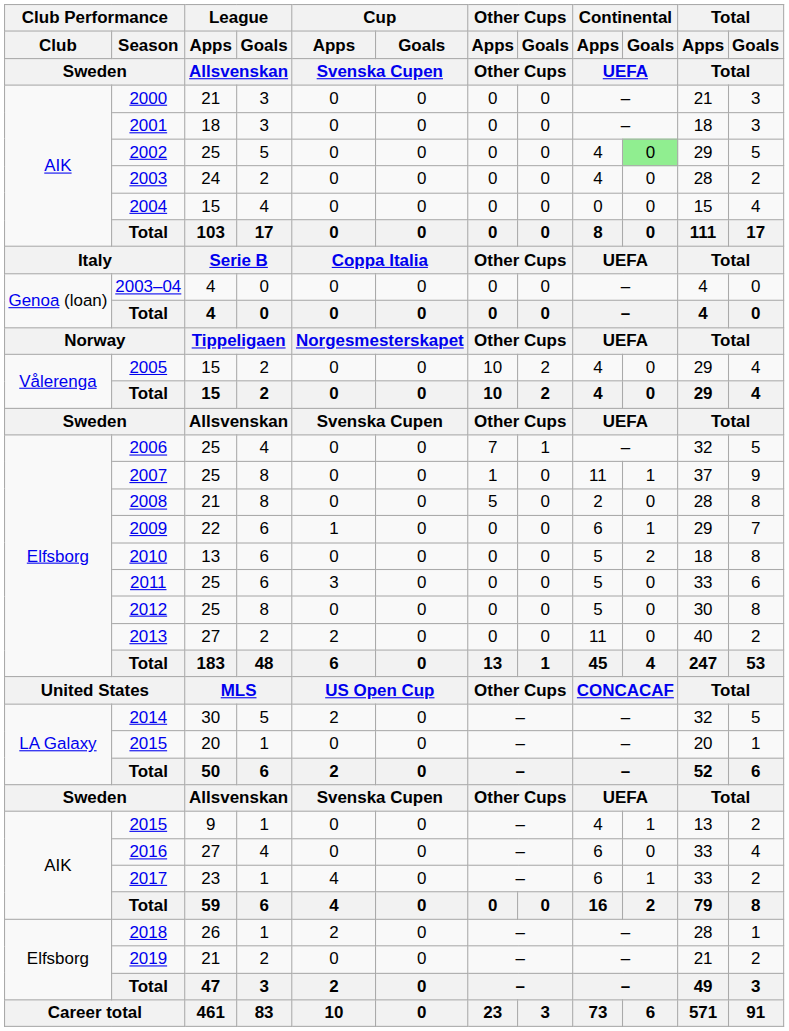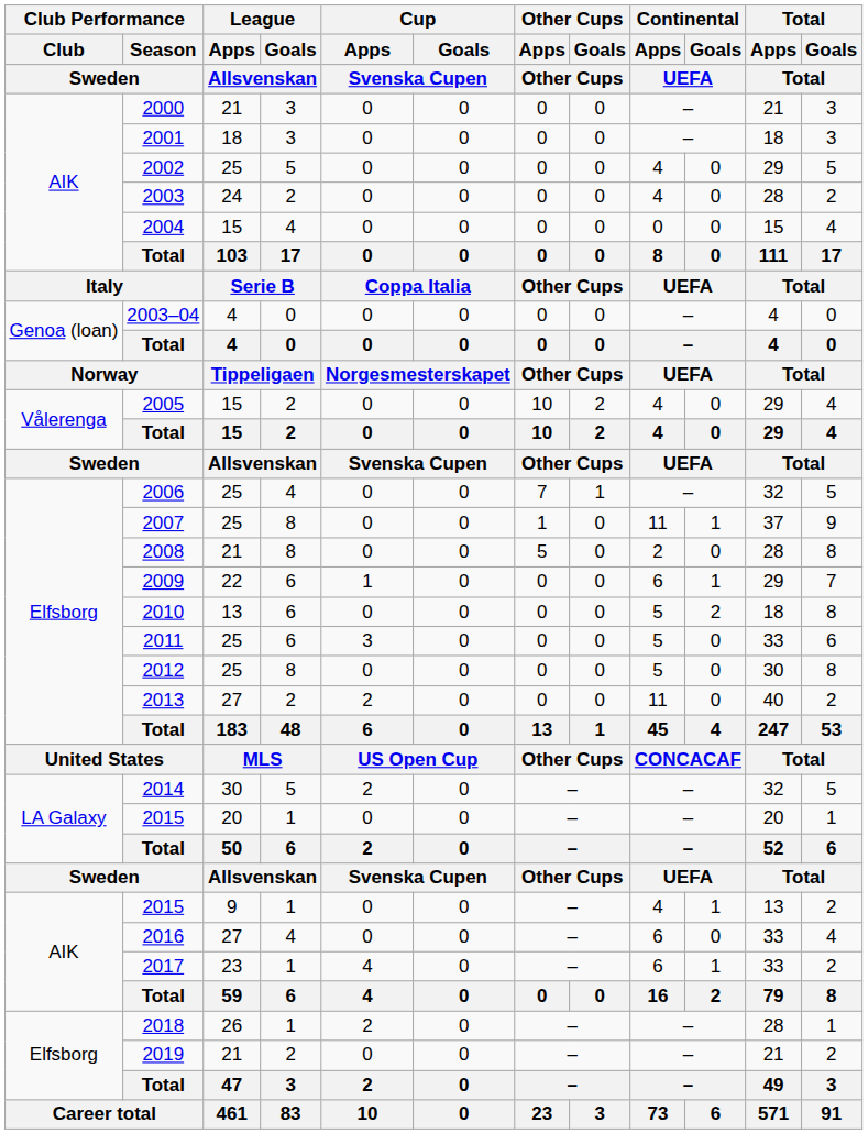 <table class="wikitable" style=" text-align:center;">
 <tr>
 <th colspan="2">Club Performance</th>
 <th colspan="2">League</th>
 <th colspan="2">Cup</th>
 <th colspan="2">Other Cups</th>
 <th colspan="2">Continental</th>
 <th colspan="2">Total</th>
 </tr>
 <tr>
 <th>Club</th>
 <th>Season</th>
 <th>Apps</th>
 <th>Goals</th>
 <th>Apps</th>
 <th>Goals</th>
 <th>Apps</th>
 <th>Goals</th>
 <th>Apps</th>
 <th>Goals</th>
 <th>Apps</th>
 <th>Goals</th>
 </tr>
 <tr>
 <th colspan="2">Sweden</th>
 <th colspan="2"><a href='#'>Allsvenskan</a></th>
 <th colspan="2"><a href='#'>Svenska Cupen</a></th>
 <th colspan="2">Other Cups</th>
 <th colspan="2"><a href='#'>UEFA</a></th>
 <th colspan="2">Total</th>
 </tr>
 <tr>
 <td rowspan="6" valign="centre"><a href='#'>AIK</a></td>
 <td><a href='#'>2000</a></td>
 <td>21</td>
 <td>3</td>
 <td>0</td>
 <td>0</td>
 <td>0</td>
 <td>0</td>
 <td colspan="2">–</td>
 <td>21</td>
 <td>3</td>
 </tr>
 <tr>
 <td><a href='#'>2001</a></td>
 <td>18</td>
 <td>3</td>
 <td>0</td>
 <td>0</td>
 <td>0</td>
 <td>0</td>
 <td colspan="2">–</td>
 <td>18</td>
 <td>3</td>
 </tr>
 <tr>
 <td><a href='#'>2002</a></td>
 <td>25</td>
 <td>5</td>
 <td>0</td>
 <td>0</td>
 <td>0</td>
 <td>0</td>
 <td>4</td>
-<td style="background: lightgreen;">0</td>
+<td>0</td>
 <td>29</td>
 <td>5</td>
 </tr>
 <tr>
 <td><a href='#'>2003</a></td>
 <td>24</td>
 <td>2</td>
 <td>0</td>
 <td>0</td>
 <td>0</td>
 <td>0</td>
 <td>4</td>
 <td>0</td>
 <td>28</td>
 <td>2</td>
 </tr>
 <tr>
 <td><a href='#'>2004</a></td>
 <td>15</td>
 <td>4</td>
 <td>0</td>
 <td>0</td>
 <td>0</td>
 <td>0</td>
 <td>0</td>
 <td>0</td>
 <td>15</td>
 <td>4</td>
 </tr>
 <tr>
 <th>Total</th>
 <th>103</th>
 <th>17</th>
 <th>0</th>
 <th>0</th>
 <th>0</th>
 <th>0</th>
 <th>8</th>
 <th>0</th>
 <th>111</th>
 <th>17</th>
 </tr>
 <tr>
 <th colspan="2">Italy</th>
 <th colspan="2"><a href='#'>Serie B</a></th>
 <th colspan="2"><a href='#'>Coppa Italia</a></th>
 <th colspan="2">Other Cups</th>
 <th colspan="2">UEFA</th>
 <th colspan="2">Total</th>
 </tr>
 <tr>
 <td rowspan="2" valign="centre"><a href='#'>Genoa</a> (loan)</td>
 <td><a href='#'>2003–04</a></td>
 <td>4</td>
 <td>0</td>
 <td>0</td>
 <td>0</td>
 <td>0</td>
 <td>0</td>
 <td colspan="2">–</td>
 <td>4</td>
 <td>0</td>
 </tr>
 <tr>
 <th>Total</th>
 <th>4</th>
 <th>0</th>
 <th>0</th>
 <th>0</th>
 <th>0</th>
 <th>0</th>
 <th colspan="2">–</th>
 <th>4</th>
 <th>0</th>
 </tr>
 <tr>
 <th colspan="2">Norway</th>
 <th colspan="2"><a href='#'>Tippeligaen</a></th>
 <th colspan="2"><a href='#'>Norgesmesterskapet</a></th>
 <th colspan="2">Other Cups</th>
 <th colspan="2">UEFA</th>
 <th colspan="2">Total</th>
 </tr>
 <tr>
 <td rowspan="2"><a href='#'>Vålerenga</a></td>
 <td><a href='#'>2005</a></td>
 <td>15</td>
 <td>2</td>
 <td>0</td>
 <td>0</td>
 <td>10</td>
 <td>2</td>
 <td>4</td>
 <td>0</td>
 <td>29</td>
 <td>4</td>
 </tr>
 <tr>
 <th>Total</th>
 <th>15</th>
 <th>2</th>
 <th>0</th>
 <th>0</th>
 <th>10</th>
 <th>2</th>
 <th>4</th>
 <th>0</th>
 <th>29</th>
 <th>4</th>
 </tr>
 <tr>
 <th colspan="2">Sweden</th>
 <th colspan="2">Allsvenskan</th>
 <th colspan="2">Svenska Cupen</th>
 <th colspan="2">Other Cups</th>
 <th colspan="2">UEFA</th>
 <th colspan="2">Total</th>
 </tr>
 <tr>
 <td rowspan="9"><a href='#'>Elfsborg</a></td>
 <td><a href='#'>2006</a></td>
 <td>25</td>
 <td>4</td>
 <td>0</td>
 <td>0</td>
 <td>7</td>
 <td>1</td>
 <td colspan="2">–</td>
 <td>32</td>
 <td>5</td>
 </tr>
 <tr>
 <td><a href='#'>2007</a></td>
 <td>25</td>
 <td>8</td>
 <td>0</td>
 <td>0</td>
 <td>1</td>
 <td>0</td>
 <td>11</td>
 <td>1</td>
 <td>37</td>
 <td>9</td>
 </tr>
 <tr>
 <td><a href='#'>2008</a></td>
 <td>21</td>
 <td>8</td>
 <td>0</td>
 <td>0</td>
 <td>5</td>
 <td>0</td>
 <td>2</td>
 <td>0</td>
 <td>28</td>
 <td>8</td>
 </tr>
 <tr>
 <td><a href='#'>2009</a></td>
 <td>22</td>
 <td>6</td>
 <td>1</td>
 <td>0</td>
 <td>0</td>
 <td>0</td>
 <td>6</td>
 <td>1</td>
 <td>29</td>
 <td>7</td>
 </tr>
 <tr>
 <td><a href='#'>2010</a></td>
 <td>13</td>
 <td>6</td>
 <td>0</td>
 <td>0</td>
 <td>0</td>
 <td>0</td>
 <td>5</td>
 <td>2</td>
 <td>18</td>
 <td>8</td>
 </tr>
 <tr>
 <td><a href='#'>2011</a></td>
 <td>25</td>
 <td>6</td>
 <td>3</td>
 <td>0</td>
 <td>0</td>
 <td>0</td>
 <td>5</td>
 <td>0</td>
 <td>33</td>
 <td>6</td>
 </tr>
 <tr>
 <td><a href='#'>2012</a></td>
 <td>25</td>
 <td>8</td>
 <td>0</td>
 <td>0</td>
 <td>0</td>
 <td>0</td>
 <td>5</td>
 <td>0</td>
 <td>30</td>
 <td>8</td>
 </tr>
 <tr>
 <td><a href='#'>2013</a></td>
 <td>27</td>
 <td>2</td>
 <td>2</td>
 <td>0</td>
 <td>0</td>
 <td>0</td>
 <td>11</td>
 <td>0</td>
 <td>40</td>
 <td>2</td>
 </tr>
 <tr>
 <th>Total</th>
 <th>183</th>
 <th>48</th>
 <th>6</th>
 <th>0</th>
 <th>13</th>
 <th>1</th>
 <th>45</th>
 <th>4</th>
 <th>247</th>
 <th>53</th>
 </tr>
 <tr>
 <th colspan="2">United States</th>
 <th colspan="2"><a href='#'>MLS</a></th>
 <th colspan="2"><a href='#'>US Open Cup</a></th>
 <th colspan="2">Other Cups</th>
 <th colspan="2"><a href='#'>CONCACAF</a></th>
 <th colspan="2">Total</th>
 </tr>
 <tr>
 <td rowspan="3"><a href='#'>LA Galaxy</a></td>
 <td><a href='#'>2014</a></td>
 <td>30</td>
 <td>5</td>
 <td>2</td>
 <td>0</td>
 <td colspan="2">–</td>
 <td colspan="2">–</td>
 <td>32</td>
 <td>5</td>
 </tr>
 <tr>
 <td><a href='#'>2015</a></td>
 <td>20</td>
 <td>1</td>
 <td>0</td>
 <td>0</td>
 <td colspan="2">–</td>
 <td colspan="2">–</td>
 <td>20</td>
 <td>1</td>
 </tr>
 <tr>
 <th>Total</th>
 <th>50</th>
 <th>6</th>
 <th>2</th>
 <th>0</th>
 <th colspan="2">–</th>
 <th colspan="2">–</th>
 <th>52</th>
 <th>6</th>
 </tr>
 <tr>
 <th colspan="2">Sweden</th>
 <th colspan="2">Allsvenskan</th>
 <th colspan="2">Svenska Cupen</th>
 <th colspan="2">Other Cups</th>
 <th colspan="2">UEFA</th>
 <th colspan="2">Total</th>
 </tr>
 <tr>
 <td rowspan="4">AIK</td>
 <td><a href='#'>2015</a></td>
 <td>9</td>
 <td>1</td>
 <td>0</td>
 <td>0</td>
 <td colspan="2">–</td>
 <td>4</td>
 <td>1</td>
 <td>13</td>
 <td>2</td>
 </tr>
 <tr>
 <td><a href='#'>2016</a></td>
 <td>27</td>
 <td>4</td>
 <td>0</td>
 <td>0</td>
 <td colspan="2">–</td>
 <td>6</td>
 <td>0</td>
 <td>33</td>
 <td>4</td>
 </tr>
 <tr>
 <td><a href='#'>2017</a></td>
 <td>23</td>
 <td>1</td>
 <td>4</td>
 <td>0</td>
 <td colspan="2">–</td>
 <td>6</td>
 <td>1</td>
 <td>33</td>
 <td>2</td>
 </tr>
 <tr>
 <th>Total</th>
 <th>59</th>
 <th>6</th>
 <th>4</th>
 <th>0</th>
 <th>0</th>
 <th>0</th>
 <th>16</th>
 <th>2</th>
 <th>79</th>
 <th>8</th>
 </tr>
 <tr>
 <td rowspan="3">Elfsborg</td>
 <td><a href='#'>2018</a></td>
 <td>26</td>
 <td>1</td>
 <td>2</td>
 <td>0</td>
 <td colspan="2">–</td>
 <td colspan="2">–</td>
 <td>28</td>
 <td>1</td>
 </tr>
 <tr>
 <td><a href='#'>2019</a></td>
 <td>21</td>
 <td>2</td>
 <td>0</td>
 <td>0</td>
 <td colspan="2">–</td>
 <td colspan="2">–</td>
 <td>21</td>
 <td>2</td>
 </tr>
 <tr>
 <th>Total</th>
 <th>47</th>
 <th>3</th>
 <th>2</th>
 <th>0</th>
 <th colspan="2">–</th>
 <th colspan="2">–</th>
 <th>49</th>
 <th>3</th>
 </tr>
 <tr>
 <th colspan="2">Career total</th>
 <th>461</th>
 <th>83</th>
 <th>10</th>
 <th>0</th>
 <th>23</th>
 <th>3</th>
 <th>73</th>
 <th>6</th>
 <th>571</th>
 <th>91</th>
 </tr>
 </table>
